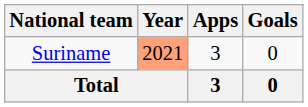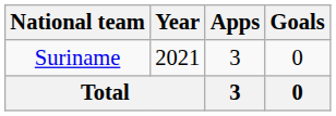 <table class="wikitable" style="text-align:center">
 <tr>
 <th>National team</th>
 <th>Year</th>
 <th>Apps</th>
 <th>Goals</th>
 </tr>
 <tr>
 <td rowspan="1"><a href='#'>Suriname</a></td>
-<td style="background: lightsalmon;">2021</td>
+<td>2021</td>
 <td>3</td>
 <td>0</td>
 </tr>
 <tr>
 <th colspan="2">Total</th>
 <th>3</th>
 <th>0</th>
 </tr>
 </table>
